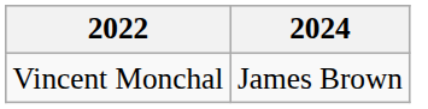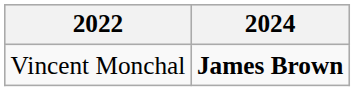 <table class="wikitable">
 <tr>
 <th>2022</th>
 <th>2024</th>
 </tr>
 <tr>
 <td>Vincent Monchal</td>
-<td>James Brown</td>
+<td><strong>James Brown</strong></td>
 </tr>
 </table>
